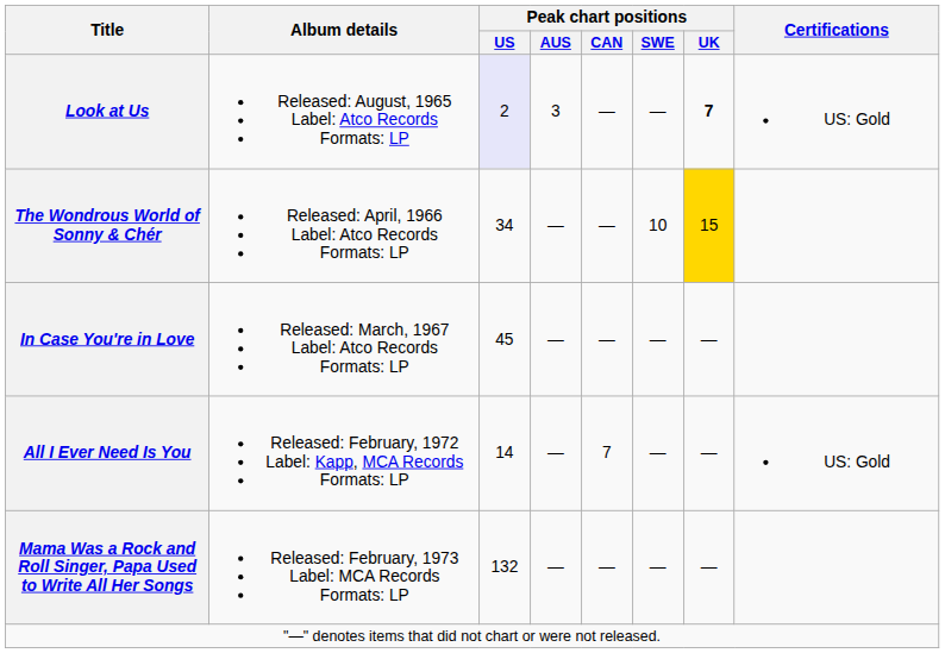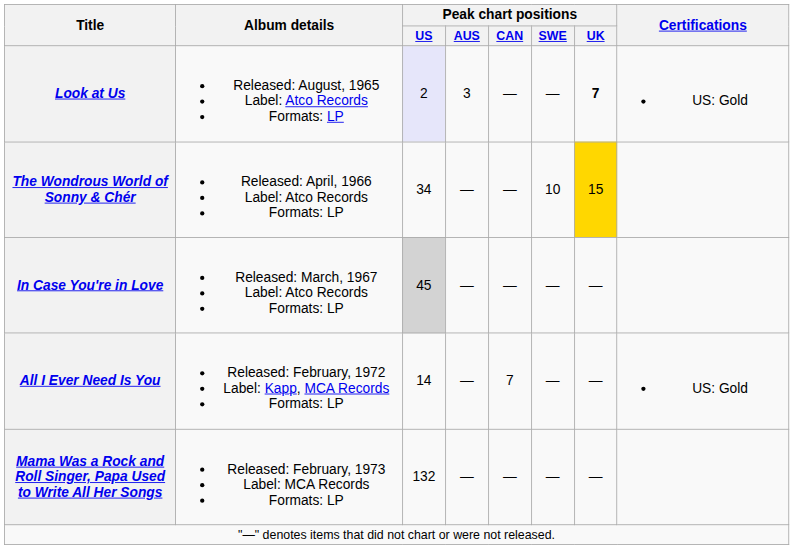 <table class="wikitable plainrowheaders" style="text-align:center;">
 <tr>
 <th scope="col" rowspan="2" style="width:12em;">Title</th>
 <th scope="col" rowspan="2" style="width:16em;">Album details</th>
 <th scope="col" colspan="5">Peak chart positions</th>
 <th scope="col" rowspan="2" style="width:12em;"><a href='#'>Certifications</a></th>
 </tr>
 <tr>
 <th scope="col" style="width:3em;font-size:90%;"><a href='#'>US</a><br></th>
 <th scope="col" style="width:3em;font-size:90%;"><a href='#'>AUS</a><br></th>
 <th scope="col" style="width:3em;font-size:90%;"><a href='#'>CAN</a><br></th>
 <th scope="col" style="width:3em;font-size:90%;"><a href='#'>SWE</a><br></th>
 <th scope="col" style="width:3em;font-size:90%;"><a href='#'>UK</a><br></th>
 </tr>
 <tr>
 <th scope="row"><em><a href='#'>Look at Us</a></em></th>
 <td><br><ul><li>Released: August, 1965</li><li>Label: <a href='#'>Atco Records</a></li><li>Formats: <a href='#'>LP</a></li></ul></td>
 <td style="background: lavender;">2</td>
 <td>3</td>
 <td>—</td>
 <td>—</td>
 <td><strong>7</strong></td>
 <td><br><ul><li>US: Gold</li></ul></td>
 </tr>
 <tr>
 <th scope="row"><em><a href='#'>The Wondrous World of Sonny & Chér</a></em></th>
 <td><br><ul><li>Released: April, 1966</li><li>Label: Atco Records</li><li>Formats: LP</li></ul></td>
 <td>34</td>
 <td>—</td>
 <td>—</td>
 <td>10</td>
 <td style="background: gold;">15</td>
 <td></td>
 </tr>
 <tr>
 <th scope="row"><em><a href='#'>In Case You're in Love</a></em></th>
 <td><br><ul><li>Released: March, 1967</li><li>Label: Atco Records</li><li>Formats: LP</li></ul></td>
-<td>45</td>
+<td style="background: lightgrey;">45</td>
 <td>—</td>
 <td>—</td>
 <td>—</td>
 <td>—</td>
 <td></td>
 </tr>
 <tr>
 <th scope="row"><em><a href='#'>All I Ever Need Is You</a></em></th>
 <td><br><ul><li>Released: February, 1972</li><li>Label: <a href='#'>Kapp</a>, <a href='#'>MCA Records</a></li><li>Formats: LP</li></ul></td>
 <td>14</td>
 <td>—</td>
 <td>7</td>
 <td>—</td>
 <td>—</td>
 <td><br><ul><li>US: Gold</li></ul></td>
 </tr>
 <tr>
 <th scope="row"><em><a href='#'>Mama Was a Rock and Roll Singer, Papa Used to Write All Her Songs</a></em></th>
 <td><br><ul><li>Released: February, 1973</li><li>Label: MCA Records</li><li>Formats: LP</li></ul></td>
 <td>132</td>
 <td>—</td>
 <td>—</td>
 <td>—</td>
 <td>—</td>
 <td></td>
 </tr>
 <tr>
 <td colspan="15" style="text-align:center; font-size:90%;">"—" denotes items that did not chart or were not released.</td>
 </tr>
 </table>
